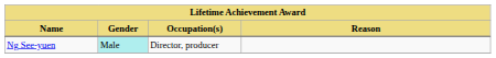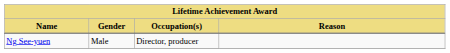 <table class="wikitable" style="font-size:small;" ;>
 <tr style="text-align:center;">
 <th colspan=4 style="background:#eedd82;">Lifetime Achievement Award</th>
 </tr>
 <tr style="text-align:center;">
 <th style="background:#eedd82;" width="15%">Name</th>
 <th style="background:#eedd82;" width="8%">Gender</th>
 <th style="background:#eedd82;" width="15%">Occupation(s)</th>
 <th style="background:#eedd82;" width="40%">Reason</th>
 </tr>
 <tr style="border-top:2px solid gray;">
 <td><a href='#'>Ng See-yuen</a></td>
-<td style="background: paleturquoise;">Male</td>
+<td>Male</td>
 <td>Director, producer</td>
 <td></td>
 </tr>
 <tr>
 </tr>
 </table>
